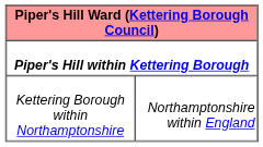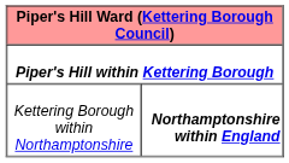 <table border=1 cellpadding="2" cellspacing="0" align="right" width=300>
 <tr>
 <th colspan=2 align=center bgcolor="#ff9999"><strong>Piper's Hill</strong> Ward (<a href='#'>Kettering Borough Council</a>)</th>
 </tr>
 <tr>
 <th colspan=2 align=center><br><em>Piper's Hill within <a href='#'>Kettering Borough</a></em></th>
 </tr>
 <tr>
 <td align=center><br><em>Kettering Borough within <a href='#'>Northamptonshire</a></em></td>
-<td align=right><br><em>Northamptonshire within <a href='#'>England</a></em></td>
+<td align=right><strong><br><em>Northamptonshire within <a href='#'>England</a></em></strong></td>
 </tr>
 </table>
